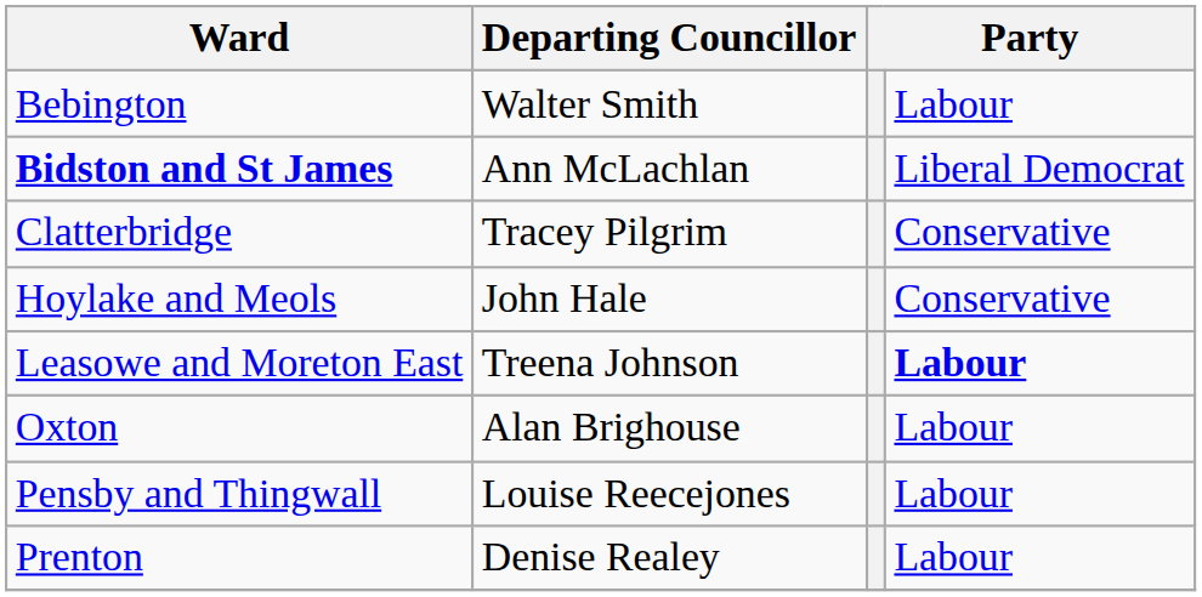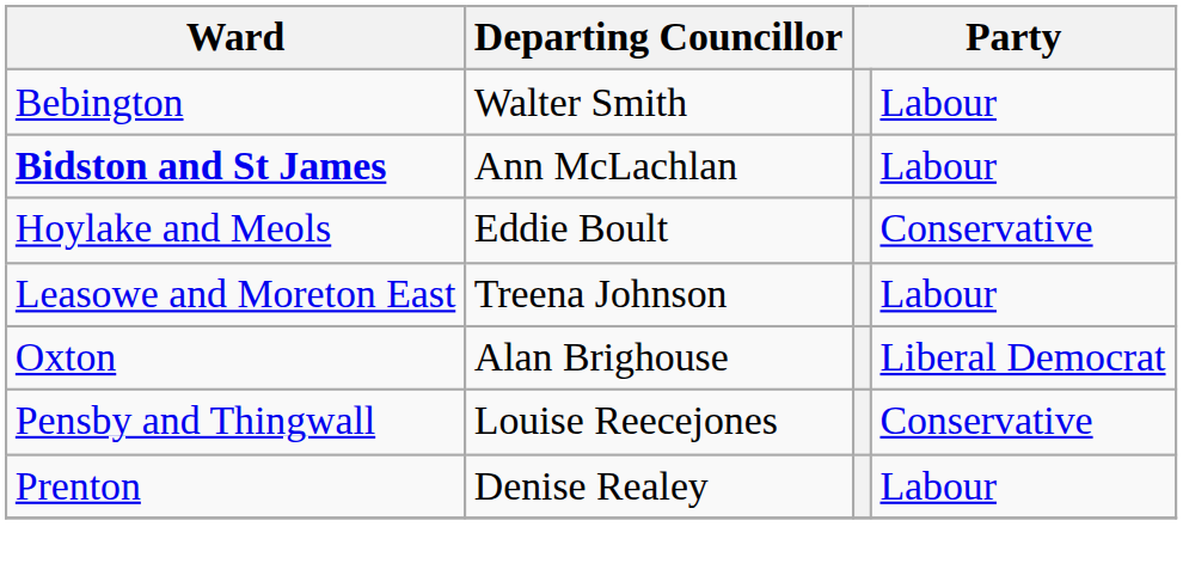 <table class="wikitable sortable">
 <tr>
 <th>Ward</th>
 <th>Departing Councillor</th>
 <th colspan="2">Party</th>
 </tr>
 <tr>
 <td align="left"><a href='#'>Bebington</a></td>
 <td align="left">Walter Smith</td>
 <th style="color:inherit;background-color: "></th>
 <td><a href='#'>Labour</a> </td>
 </tr>
 <tr>
 <td align="left"><strong><a href='#'>Bidston and St James</a></strong></td>
 <td align="left">Ann McLachlan</td>
 <th style="color:inherit;background-color: "></th>
-<td><a href='#'>Liberal Democrat</a></td>
-</tr>
-<tr>
-<td align="left"><a href='#'>Clatterbridge</a></td>
-<td align="left">Tracey Pilgrim</td>
-<th style="color:inherit;background-color: "></th>
-<td><a href='#'>Conservative</a></td>
+<td><a href='#'>Labour</a></td>
 </tr>
 <tr>
 <td align="left"><a href='#'>Hoylake and Meols</a></td>
-<td align="left">John Hale</td>
+<td align="left">Eddie Boult</td>
 <th style="color:inherit;background-color: "></th>
-<td><a href='#'>Conservative</a> </td>
+<td><a href='#'>Conservative</a></td>
 </tr>
 <tr>
 <td align="left"><a href='#'>Leasowe and Moreton East</a></td>
 <td align="left">Treena Johnson</td>
 <th style="color:inherit;background-color: "></th>
-<td><strong><a href='#'>Labour</a></strong></td>
+<td><a href='#'>Labour</a></td>
 </tr>
 <tr>
 <td align="left"><a href='#'>Oxton</a></td>
 <td align="left">Alan Brighouse</td>
 <th style="color:inherit;background-color: "></th>
-<td><a href='#'>Labour</a></td>
+<td><a href='#'>Liberal Democrat</a></td>
 </tr>
 <tr>
 <td align="left"><a href='#'>Pensby and Thingwall</a></td>
 <td align="left">Louise Reecejones</td>
 <th style="color:inherit;background-color: "></th>
-<td><a href='#'>Labour</a></td>
+<td><a href='#'>Conservative</a></td>
 </tr>
 <tr>
 <td align="left"><a href='#'>Prenton</a></td>
 <td align="left">Denise Realey</td>
 <th style="color:inherit;background-color: "></th>
 <td><a href='#'>Labour</a></td>
 </tr>
 <tr>
 </tr>
 </table>
